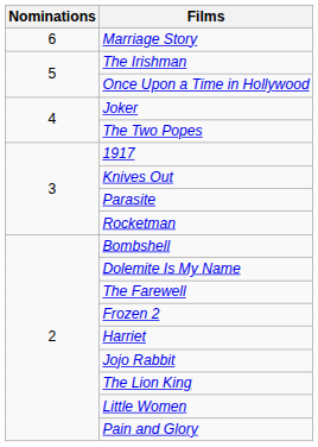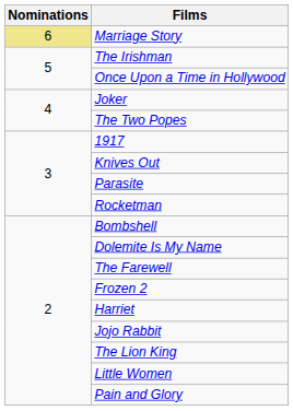 <table class="wikitable">
 <tr>
 <th scope="col" style="width:55px;">Nominations</th>
 <th scope="col" style="text-align:center;">Films</th>
 </tr>
 <tr>
-<td style="text-align:center">6</td>
+<td style="background: khaki; text-align:center">6</td>
 <td><em><a href='#'>Marriage Story</a></em></td>
 </tr>
 <tr>
 <td rowspan="2" style="text-align:center">5</td>
 <td><em><a href='#'>The Irishman</a></em></td>
 </tr>
 <tr>
 <td><em><a href='#'>Once Upon a Time in Hollywood</a></em></td>
 </tr>
 <tr>
 <td rowspan="2" style="text-align:center">4</td>
 <td><em><a href='#'>Joker</a></em></td>
 </tr>
 <tr>
 <td><em><a href='#'>The Two Popes</a></em></td>
 </tr>
 <tr>
 <td rowspan="4" style="text-align:center">3</td>
 <td><em><a href='#'>1917</a></em></td>
 </tr>
 <tr>
 <td><em><a href='#'>Knives Out</a></em></td>
 </tr>
 <tr>
 <td><em><a href='#'>Parasite</a></em></td>
 </tr>
 <tr>
 <td><em><a href='#'>Rocketman</a></em></td>
 </tr>
 <tr>
 <td rowspan="9" style="text-align:center">2</td>
 <td><em><a href='#'>Bombshell</a></em></td>
 </tr>
 <tr>
 <td><em><a href='#'>Dolemite Is My Name</a></em></td>
 </tr>
 <tr>
 <td><em><a href='#'>The Farewell</a></em></td>
 </tr>
 <tr>
 <td><em><a href='#'>Frozen 2</a></em></td>
 </tr>
 <tr>
 <td><em><a href='#'>Harriet</a></em></td>
 </tr>
 <tr>
 <td><em><a href='#'>Jojo Rabbit</a></em></td>
 </tr>
 <tr>
 <td><em><a href='#'>The Lion King</a></em></td>
 </tr>
 <tr>
 <td><em><a href='#'>Little Women</a></em></td>
 </tr>
 <tr>
 <td><em><a href='#'>Pain and Glory</a></em></td>
 </tr>
 </table>
